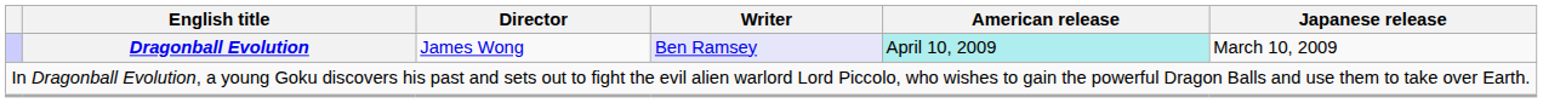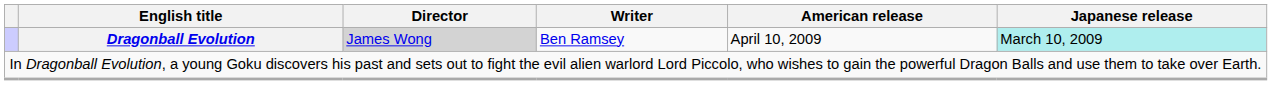 <table class="wikitable plainrowheaders">
 <tr>
 <th></th>
 <th>English title</th>
 <th>Director</th>
 <th>Writer</th>
 <th>American release</th>
 <th>Japanese release</th>
 </tr>
 <tr>
 <td scope=row style="text-align:center; background-color:#ccccff;"></td>
 <th scope="row"><em><a href='#'>Dragonball Evolution</a></em></th>
-<td><a href='#'>James Wong</a></td>
-<td style="background: lavender;"><a href='#'>Ben Ramsey</a></td>
-<td style="background: paleturquoise;">April 10, 2009</td>
-<td>March 10, 2009</td>
+<td style="background: lightgrey;"><a href='#'>James Wong</a></td>
+<td><a href='#'>Ben Ramsey</a></td>
+<td>April 10, 2009</td>
+<td style="background: paleturquoise;">March 10, 2009</td>
 </tr>
 <tr>
 <td colspan="6" style="border-bottom-width:3px; padding:5px;">In <em>Dragonball Evolution</em>, a young Goku discovers his past and sets out to fight the evil alien warlord Lord Piccolo, who wishes to gain the powerful Dragon Balls and use them to take over Earth.</td>
 </tr>
 </table>
